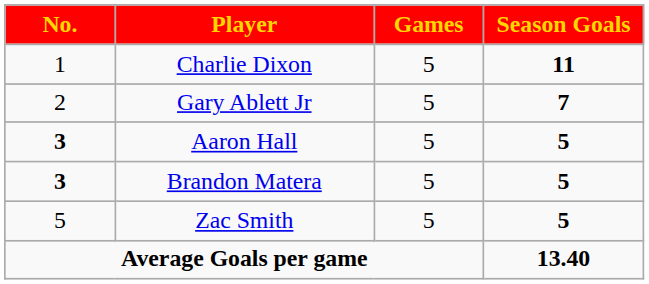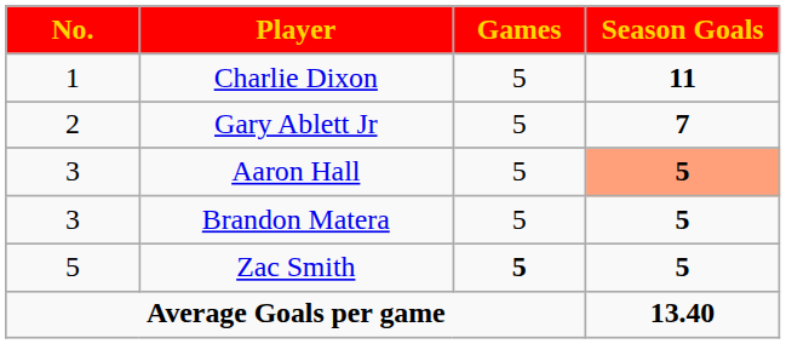 <table class="wikitable sortable" style="text-align:center; font-size:90%">
 <tr>
 <th style="width:60px; background:red; color:gold; text-align:center;" class="unsortable">No.</th>
 <th style="width:150px; background:red; color:gold; text-align:center;" class="unsortable">Player</th>
 <th style="width:60px; background:red; color:gold; text-align:center;" class="unsortable">Games</th>
 <th style="width:90px; background:red; color:gold; text-align:center;" class="sortable">Season Goals</th>
 </tr>
 <tr>
 <td>1</td>
 <td><a href='#'>Charlie Dixon</a></td>
 <td>5</td>
 <td><strong>11</strong></td>
 </tr>
 <tr>
 <td>2</td>
 <td><a href='#'>Gary Ablett Jr</a></td>
 <td>5</td>
 <td><strong>7</strong></td>
 </tr>
 <tr>
-<td><strong>3</strong></td>
+<td>3</td>
 <td><a href='#'>Aaron Hall</a></td>
 <td>5</td>
-<td><strong>5</strong></td>
+<td style="background: lightsalmon;"><strong>5</strong></td>
 </tr>
 <tr>
-<td><strong>3</strong></td>
+<td>3</td>
 <td><a href='#'>Brandon Matera</a></td>
 <td>5</td>
 <td><strong>5</strong></td>
 </tr>
 <tr>
 <td>5</td>
 <td><a href='#'>Zac Smith</a></td>
-<td>5</td>
+<td><strong>5</strong></td>
 <td><strong>5</strong></td>
 </tr>
 <tr class="sortbottom">
 <td colspan="3"><strong>Average Goals per game</strong></td>
 <td><strong>13.40</strong></td>
 </tr>
 </table>
